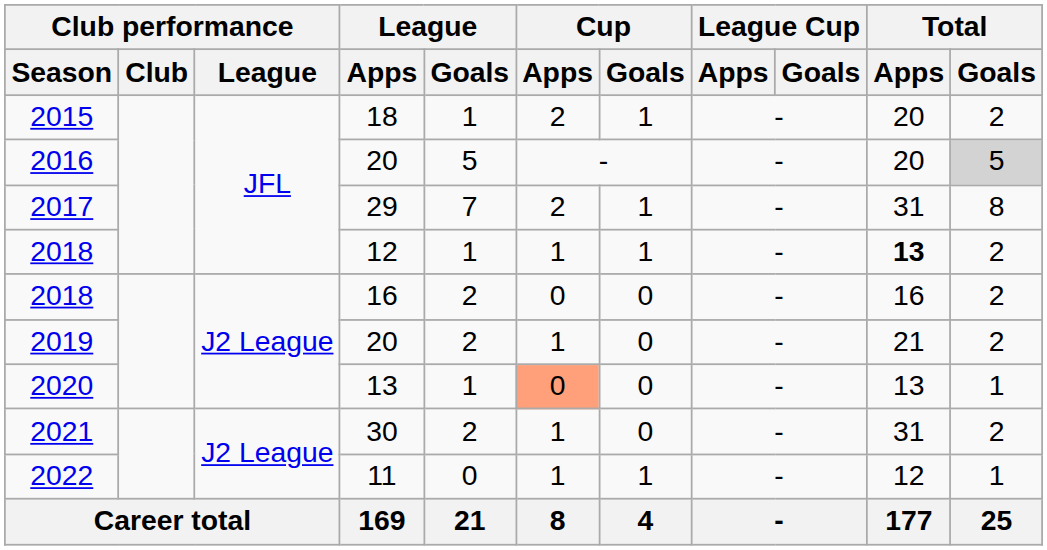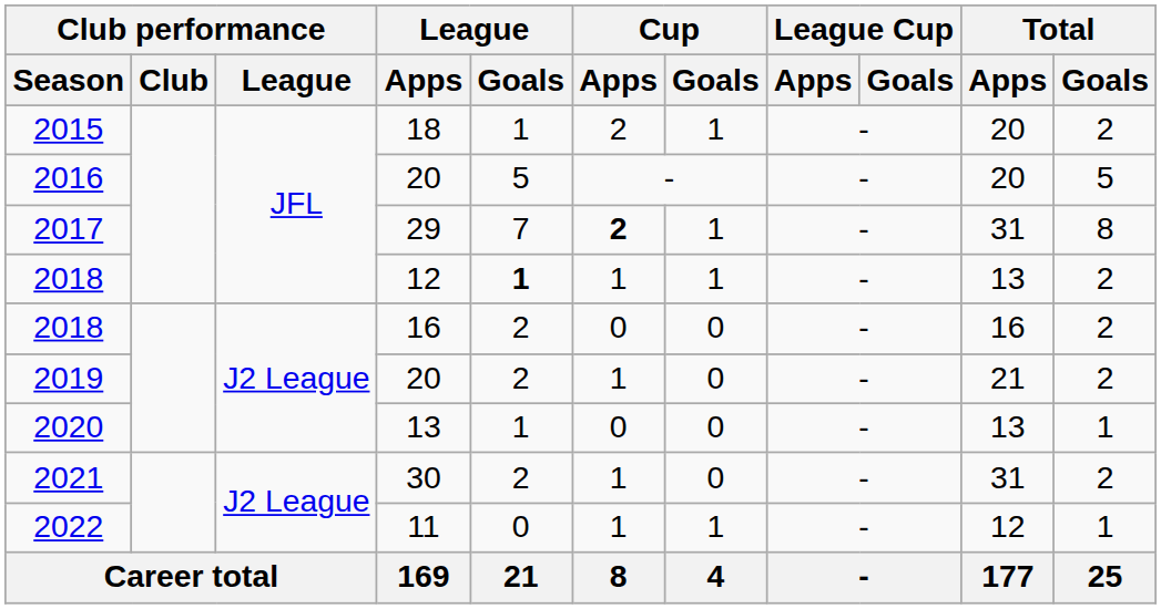 <table class="wikitable" style="text-align:center">
 <tr>
 <th colspan=3>Club performance</th>
 <th colspan=2>League</th>
 <th colspan=2>Cup</th>
 <th colspan=2>League Cup</th>
 <th colspan=2>Total</th>
 </tr>
 <tr>
 <th>Season</th>
 <th>Club</th>
 <th>League</th>
 <th>Apps</th>
 <th>Goals</th>
 <th>Apps</th>
 <th>Goals</th>
 <th>Apps</th>
 <th>Goals</th>
 <th>Apps</th>
 <th>Goals</th>
 </tr>
 <tr>
 <td><a href='#'>2015</a></td>
 <td rowspan="4"></td>
 <td rowspan="4"><a href='#'>JFL</a></td>
 <td>18</td>
 <td>1</td>
 <td>2</td>
 <td>1</td>
 <td colspan=2>-</td>
 <td>20</td>
 <td>2</td>
 </tr>
 <tr>
 <td><a href='#'>2016</a></td>
 <td>20</td>
 <td>5</td>
 <td colspan=2>-</td>
 <td colspan=2>-</td>
 <td>20</td>
-<td style="background: lightgrey;">5</td>
+<td>5</td>
 </tr>
 <tr>
 <td><a href='#'>2017</a></td>
 <td>29</td>
 <td>7</td>
-<td>2</td>
+<td><strong>2</strong></td>
 <td>1</td>
 <td colspan=2>-</td>
 <td>31</td>
 <td>8</td>
 </tr>
 <tr>
 <td><a href='#'>2018</a></td>
 <td>12</td>
-<td>1</td>
+<td><strong>1</strong></td>
 <td>1</td>
 <td>1</td>
 <td colspan=2>-</td>
-<td><strong>13</strong></td>
+<td>13</td>
 <td>2</td>
 </tr>
 <tr>
 <td><a href='#'>2018</a></td>
 <td rowspan="3"></td>
 <td rowspan="3"><a href='#'>J2 League</a></td>
 <td>16</td>
 <td>2</td>
 <td>0</td>
 <td>0</td>
 <td colspan=2>-</td>
 <td>16</td>
 <td>2</td>
 </tr>
 <tr>
 <td><a href='#'>2019</a></td>
 <td>20</td>
 <td>2</td>
 <td>1</td>
 <td>0</td>
 <td colspan=2>-</td>
 <td>21</td>
 <td>2</td>
 </tr>
 <tr>
 <td><a href='#'>2020</a></td>
 <td>13</td>
 <td>1</td>
-<td style="background: lightsalmon;">0</td>
+<td>0</td>
 <td>0</td>
 <td colspan=2>-</td>
 <td>13</td>
 <td>1</td>
 </tr>
 <tr>
 <td><a href='#'>2021</a></td>
 <td rowspan="2"></td>
 <td rowspan="2"><a href='#'>J2 League</a></td>
 <td>30</td>
 <td>2</td>
 <td>1</td>
 <td>0</td>
 <td colspan=2>-</td>
 <td>31</td>
 <td>2</td>
 </tr>
 <tr>
 <td><a href='#'>2022</a></td>
 <td>11</td>
 <td>0</td>
 <td>1</td>
 <td>1</td>
 <td colspan=2>-</td>
 <td>12</td>
 <td>1</td>
 </tr>
 <tr>
 <th colspan=3>Career total</th>
 <th>169</th>
 <th>21</th>
 <th>8</th>
 <th>4</th>
 <th colspan="2">-</th>
 <th>177</th>
 <th>25</th>
 </tr>
 </table>
